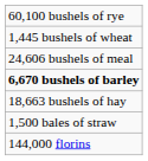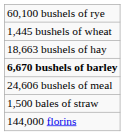 <table class="wikitable">
 <tr>
 <td>60,100 bushels of rye</td>
 </tr>
 <tr>
 <td>1,445 bushels of wheat</td>
 </tr>
 <tr>
-<td>24,606 bushels of meal</td>
+<td>18,663 bushels of hay</td>
 </tr>
 <tr>
 <td><strong>6,670 bushels of barley</strong></td>
 </tr>
 <tr>
-<td>18,663 bushels of hay</td>
+<td>24,606 bushels of meal</td>
 </tr>
 <tr>
 <td>1,500 bales of straw</td>
 </tr>
 <tr>
 <td>144,000 <a href='#'>florins</a></td>
 </tr>
 </table>
